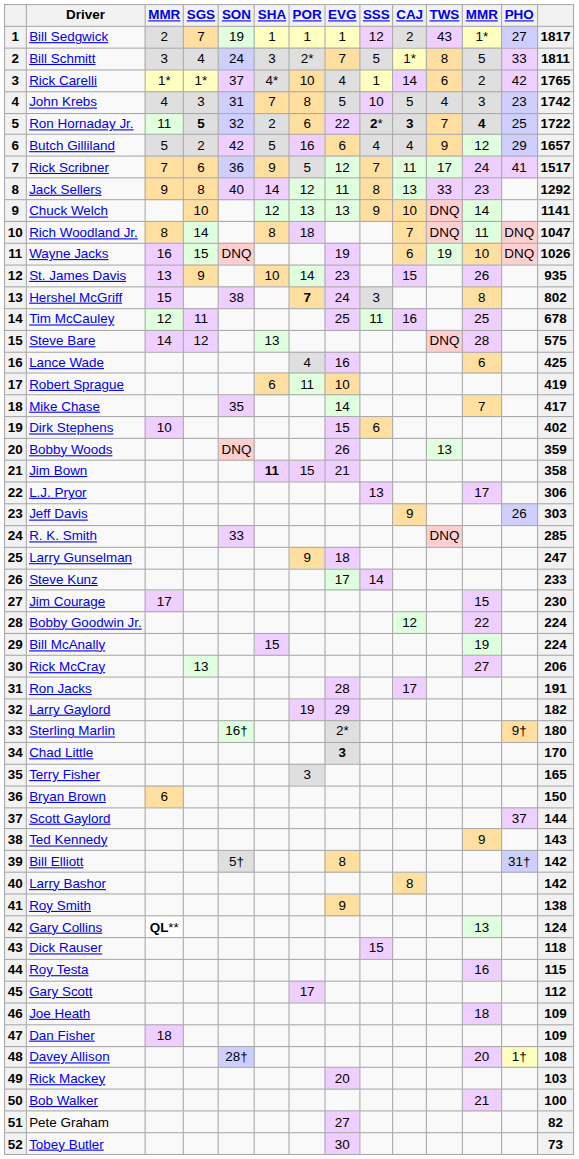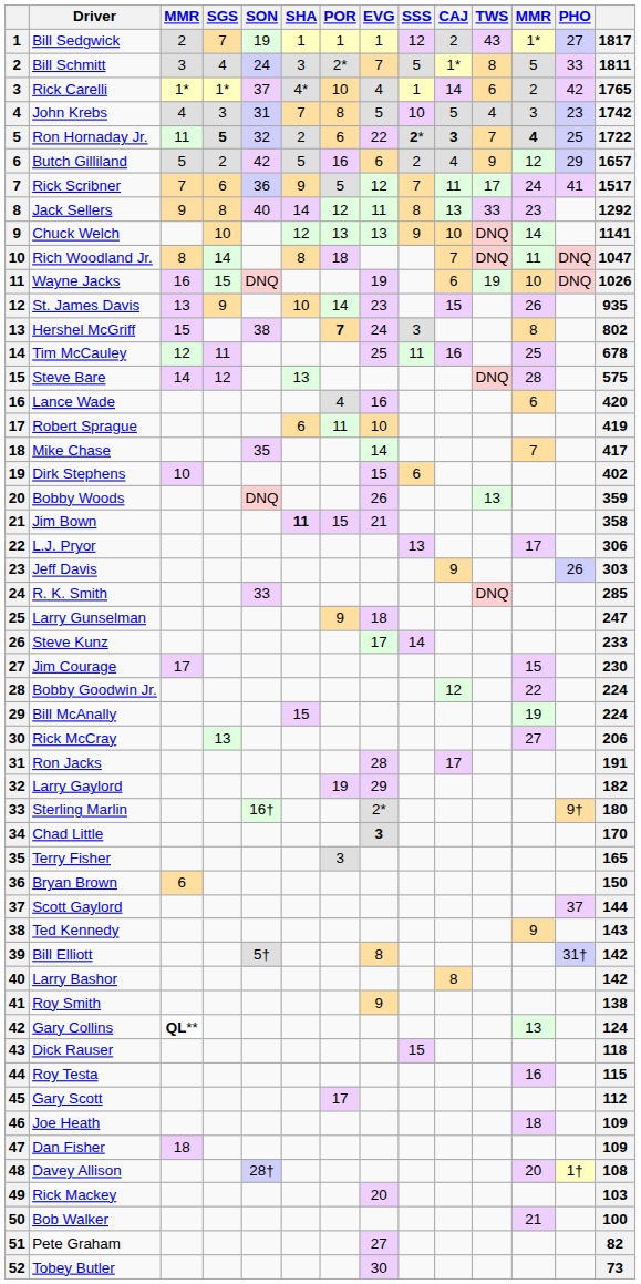 <table class="wikitable" style="font-size:77%; text-align:center">
 <tr valign="top">
 <th></th>
 <th>Driver</th>
 <th><a href='#'>MMR</a></th>
 <th><a href='#'>SGS</a></th>
 <th><a href='#'>SON</a></th>
 <th><a href='#'>SHA</a></th>
 <th><a href='#'>POR</a></th>
 <th><a href='#'>EVG</a></th>
 <th><a href='#'>SSS</a></th>
 <th><a href='#'>CAJ</a></th>
 <th><a href='#'>TWS</a></th>
 <th><a href='#'>MMR</a></th>
 <th><a href='#'>PHO</a></th>
 <th></th>
 </tr>
 <tr>
 <th>1</th>
 <td align="left"><a href='#'>Bill Sedgwick</a></td>
 <td style="background-color:#DFDFDF";>2</td>
 <td style="background-color:#FFDF9F";>7</td>
 <td style="background-color:#DFFFDF";>19</td>
 <td style="background-color:#FFFFBF";>1</td>
 <td style="background-color:#FFFFBF";>1</td>
 <td style="background-color:#FFFFBF";>1</td>
 <td style="background-color:#EFCFFF";>12</td>
 <td style="background-color:#DFDFDF";>2</td>
 <td style="background-color:#EFCFFF";>43</td>
 <td style="background-color:#FFFFBF";>1*</td>
 <td style="background-color:#CFCFFF";>27</td>
 <th>1817</th>
 </tr>
 <tr>
 <th>2</th>
 <td align="left"><a href='#'>Bill Schmitt</a></td>
 <td style="background-color:#DFDFDF";>3</td>
 <td style="background-color:#DFDFDF";>4</td>
 <td style="background-color:#CFCFFF";>24</td>
 <td style="background-color:#DFDFDF";>3</td>
 <td style="background-color:#DFDFDF";>2*</td>
 <td style="background-color:#FFDF9F";>7</td>
 <td style="background-color:#DFDFDF";>5</td>
 <td style="background-color:#FFFFBF";>1*</td>
 <td style="background-color:#FFDF9F";>8</td>
 <td style="background-color:#DFDFDF";>5</td>
 <td style="background-color:#EFCFFF";>33</td>
 <th>1811</th>
 </tr>
 <tr>
 <th>3</th>
 <td align="left"><a href='#'>Rick Carelli</a></td>
 <td style="background-color:#FFFFBF";>1*</td>
 <td style="background-color:#FFFFBF";>1*</td>
 <td style="background-color:#EFCFFF";>37</td>
 <td style="background-color:#DFDFDF";>4*</td>
 <td style="background-color:#FFDF9F";>10</td>
 <td style="background-color:#DFDFDF";>4</td>
 <td style="background-color:#FFFFBF";>1</td>
 <td style="background-color:#EFCFFF";>14</td>
 <td style="background-color:#FFDF9F";>6</td>
 <td style="background-color:#DFDFDF";>2</td>
 <td style="background-color:#EFCFFF";>42</td>
 <th>1765</th>
 </tr>
 <tr>
 <th>4</th>
 <td align="left"><a href='#'>John Krebs</a></td>
 <td style="background-color:#DFDFDF";>4</td>
 <td style="background-color:#DFDFDF";>3</td>
 <td style="background-color:#CFCFFF";>31</td>
 <td style="background-color:#FFDF9F";>7</td>
 <td style="background-color:#FFDF9F";>8</td>
 <td style="background-color:#DFDFDF";>5</td>
 <td style="background-color:#EFCFFF";>10</td>
 <td style="background-color:#DFDFDF";>5</td>
 <td style="background-color:#DFDFDF";>4</td>
 <td style="background-color:#DFDFDF";>3</td>
 <td style="background-color:#CFCFFF";>23</td>
 <th>1742</th>
 </tr>
 <tr>
 <th>5</th>
 <td align="left"><a href='#'>Ron Hornaday Jr.</a></td>
 <td style="background-color:#DFFFDF";>11</td>
 <td style="background-color:#DFDFDF";><strong>5</strong></td>
 <td style="background-color:#CFCFFF";>32</td>
 <td style="background-color:#DFDFDF";>2</td>
 <td style="background-color:#FFDF9F";>6</td>
 <td style="background-color:#EFCFFF";>22</td>
 <td style="background-color:#DFDFDF";><strong>2</strong>*</td>
 <td style="background-color:#DFDFDF";><strong>3</strong></td>
 <td style="background-color:#FFDF9F";>7</td>
 <td style="background-color:#DFDFDF";><strong>4</strong></td>
 <td style="background-color:#CFCFFF";>25</td>
 <th>1722</th>
 </tr>
 <tr>
 <th>6</th>
 <td align="left"><a href='#'>Butch Gilliland</a></td>
 <td style="background-color:#DFDFDF";>5</td>
 <td style="background-color:#DFDFDF";>2</td>
 <td style="background-color:#EFCFFF";>42</td>
 <td style="background-color:#DFDFDF";>5</td>
 <td style="background-color:#EFCFFF";>16</td>
 <td style="background-color:#FFDF9F";>6</td>
-<td style="background-color:#DFDFDF";>4</td>
+<td style="background-color:#DFDFDF";>2</td>
 <td style="background-color:#DFDFDF";>4</td>
 <td style="background-color:#FFDF9F";>9</td>
 <td style="background-color:#DFFFDF";>12</td>
 <td style="background-color:#CFCFFF";>29</td>
 <th>1657</th>
 </tr>
 <tr>
 <th>7</th>
 <td align="left"><a href='#'>Rick Scribner</a></td>
 <td style="background-color:#FFDF9F";>7</td>
 <td style="background-color:#FFDF9F";>6</td>
 <td style="background-color:#CFCFFF";>36</td>
 <td style="background-color:#FFDF9F";>9</td>
 <td style="background-color:#DFDFDF";>5</td>
 <td style="background-color:#DFFFDF";>12</td>
 <td style="background-color:#FFDF9F";>7</td>
 <td style="background-color:#DFFFDF";>11</td>
 <td style="background-color:#DFFFDF";>17</td>
 <td style="background-color:#EFCFFF";>24</td>
 <td style="background-color:#EFCFFF";>41</td>
 <th>1517</th>
 </tr>
 <tr>
 <th>8</th>
 <td align="left"><a href='#'>Jack Sellers</a></td>
 <td style="background-color:#FFDF9F";>9</td>
 <td style="background-color:#FFDF9F";>8</td>
 <td style="background-color:#EFCFFF";>40</td>
 <td style="background-color:#EFCFFF";>14</td>
 <td style="background-color:#DFFFDF";>12</td>
 <td style="background-color:#DFFFDF";>11</td>
 <td style="background-color:#FFDF9F";>8</td>
 <td style="background-color:#DFFFDF";>13</td>
 <td style="background-color:#EFCFFF";>33</td>
 <td style="background-color:#EFCFFF";>23</td>
 <td></td>
 <th>1292</th>
 </tr>
 <tr>
 <th>9</th>
 <td align="left"><a href='#'>Chuck Welch</a></td>
 <td></td>
 <td style="background-color:#FFDF9F";>10</td>
 <td></td>
 <td style="background-color:#DFFFDF";>12</td>
 <td style="background-color:#DFFFDF";>13</td>
 <td style="background-color:#DFFFDF";>13</td>
 <td style="background-color:#FFDF9F";>9</td>
 <td style="background-color:#FFDF9F";>10</td>
 <td style="background-color:#FFCFCF";>DNQ</td>
 <td style="background-color:#DFFFDF";>14</td>
 <td></td>
 <th>1141</th>
 </tr>
 <tr>
 <th>10</th>
 <td align="left"><a href='#'>Rich Woodland Jr.</a></td>
 <td style="background-color:#FFDF9F";>8</td>
 <td style="background-color:#DFFFDF";>14</td>
 <td></td>
 <td style="background-color:#FFDF9F";>8</td>
 <td style="background-color:#EFCFFF";>18</td>
 <td></td>
 <td></td>
 <td style="background-color:#FFDF9F";>7</td>
 <td style="background-color:#FFCFCF";>DNQ</td>
 <td style="background-color:#DFFFDF";>11</td>
 <td style="background-color:#FFCFCF";>DNQ</td>
 <th>1047</th>
 </tr>
 <tr>
 <th>11</th>
 <td align="left"><a href='#'>Wayne Jacks</a></td>
 <td style="background-color:#EFCFFF";>16</td>
 <td style="background-color:#DFFFDF";>15</td>
 <td style="background-color:#FFCFCF";>DNQ</td>
 <td></td>
 <td></td>
 <td style="background-color:#EFCFFF";>19</td>
 <td></td>
 <td style="background-color:#FFDF9F";>6</td>
 <td style="background-color:#DFFFDF";>19</td>
 <td style="background-color:#FFDF9F";>10</td>
 <td style="background-color:#FFCFCF";>DNQ</td>
 <th>1026</th>
 </tr>
 <tr>
 <th>12</th>
 <td align="left"><a href='#'>St. James Davis</a></td>
 <td style="background-color:#EFCFFF";>13</td>
 <td style="background-color:#FFDF9F";>9</td>
 <td></td>
 <td style="background-color:#FFDF9F";>10</td>
 <td style="background-color:#DFFFDF";>14</td>
 <td style="background-color:#EFCFFF";>23</td>
 <td></td>
 <td style="background-color:#EFCFFF";>15</td>
 <td></td>
 <td style="background-color:#EFCFFF";>26</td>
 <td></td>
 <th>935</th>
 </tr>
 <tr>
 <th>13</th>
 <td align="left"><a href='#'>Hershel McGriff</a></td>
 <td style="background-color:#EFCFFF";>15</td>
 <td></td>
 <td style="background-color:#EFCFFF";>38</td>
 <td></td>
 <td style="background-color:#FFDF9F";><strong>7</strong></td>
 <td style="background-color:#EFCFFF";>24</td>
 <td style="background-color:#DFDFDF";>3</td>
 <td></td>
 <td></td>
 <td style="background-color:#FFDF9F";>8</td>
 <td></td>
 <th>802</th>
 </tr>
 <tr>
 <th>14</th>
 <td align="left"><a href='#'>Tim McCauley</a></td>
 <td style="background-color:#DFFFDF";>12</td>
 <td style="background-color:#EFCFFF";>11</td>
 <td></td>
 <td></td>
 <td></td>
 <td style="background-color:#EFCFFF";>25</td>
 <td style="background-color:#DFFFDF";>11</td>
 <td style="background-color:#EFCFFF";>16</td>
 <td></td>
 <td style="background-color:#EFCFFF";>25</td>
 <td></td>
 <th>678</th>
 </tr>
 <tr>
 <th>15</th>
 <td align="left"><a href='#'>Steve Bare</a></td>
 <td style="background-color:#EFCFFF";>14</td>
 <td style="background-color:#EFCFFF";>12</td>
 <td></td>
 <td style="background-color:#DFFFDF";>13</td>
 <td></td>
 <td></td>
 <td></td>
 <td></td>
 <td style="background-color:#FFCFCF";>DNQ</td>
 <td style="background-color:#EFCFFF";>28</td>
 <td></td>
 <th>575</th>
 </tr>
 <tr>
 <th>16</th>
 <td align="left"><a href='#'>Lance Wade</a></td>
 <td></td>
 <td></td>
 <td></td>
 <td></td>
 <td style="background-color:#DFDFDF";>4</td>
 <td style="background-color:#EFCFFF";>16</td>
 <td></td>
 <td></td>
 <td></td>
 <td style="background-color:#FFDF9F";>6</td>
 <td></td>
-<th>425</th>
+<th>420</th>
 </tr>
 <tr>
 <th>17</th>
 <td align="left"><a href='#'>Robert Sprague</a></td>
 <td></td>
 <td></td>
 <td></td>
 <td style="background-color:#FFDF9F";>6</td>
 <td style="background-color:#DFFFDF";>11</td>
 <td style="background-color:#FFDF9F";>10</td>
 <td></td>
 <td></td>
 <td></td>
 <td></td>
 <td></td>
 <th>419</th>
 </tr>
 <tr>
 <th>18</th>
 <td align="left"><a href='#'>Mike Chase</a></td>
 <td></td>
 <td></td>
 <td style="background-color:#EFCFFF";>35</td>
 <td></td>
 <td></td>
 <td style="background-color:#DFFFDF";>14</td>
 <td></td>
 <td></td>
 <td></td>
 <td style="background-color:#FFDF9F";>7</td>
 <td></td>
 <th>417</th>
 </tr>
 <tr>
 <th>19</th>
 <td align="left"><a href='#'>Dirk Stephens</a></td>
 <td style="background-color:#EFCFFF";>10</td>
 <td></td>
 <td></td>
 <td></td>
 <td></td>
 <td style="background-color:#EFCFFF";>15</td>
 <td style="background-color:#FFDF9F";>6</td>
 <td></td>
 <td></td>
 <td></td>
 <td></td>
 <th>402</th>
 </tr>
 <tr>
 <th>20</th>
 <td align="left"><a href='#'>Bobby Woods</a></td>
 <td></td>
 <td></td>
 <td style="background-color:#FFCFCF";>DNQ</td>
 <td></td>
 <td></td>
 <td style="background-color:#EFCFFF";>26</td>
 <td></td>
 <td></td>
 <td style="background-color:#DFFFDF";>13</td>
 <td></td>
 <td></td>
 <th>359</th>
 </tr>
 <tr>
 <th>21</th>
 <td align="left"><a href='#'>Jim Bown</a></td>
 <td></td>
 <td></td>
 <td></td>
 <td style="background-color:#EFCFFF";><strong>11</strong></td>
 <td style="background-color:#EFCFFF";>15</td>
 <td style="background-color:#EFCFFF";>21</td>
 <td></td>
 <td></td>
 <td></td>
 <td></td>
 <td></td>
 <th>358</th>
 </tr>
 <tr>
 <th>22</th>
 <td align="left"><a href='#'>L.J. Pryor</a></td>
 <td></td>
 <td></td>
 <td></td>
 <td></td>
 <td></td>
 <td></td>
 <td style="background-color:#EFCFFF";>13</td>
 <td></td>
 <td></td>
 <td style="background-color:#EFCFFF";>17</td>
 <td></td>
 <th>306</th>
 </tr>
 <tr>
 <th>23</th>
 <td align="left"><a href='#'>Jeff Davis</a></td>
 <td></td>
 <td></td>
 <td></td>
 <td></td>
 <td></td>
 <td></td>
 <td></td>
 <td style="background-color:#FFDF9F";>9</td>
 <td></td>
 <td></td>
 <td style="background-color:#CFCFFF";>26</td>
 <th>303</th>
 </tr>
 <tr>
 <th>24</th>
 <td align="left"><a href='#'>R. K. Smith</a></td>
 <td></td>
 <td></td>
 <td style="background-color:#EFCFFF";>33</td>
 <td></td>
 <td></td>
 <td></td>
 <td></td>
 <td></td>
 <td style="background-color:#FFCFCF";>DNQ</td>
 <td></td>
 <td></td>
 <th>285</th>
 </tr>
 <tr>
 <th>25</th>
 <td align="left"><a href='#'>Larry Gunselman</a></td>
 <td></td>
 <td></td>
 <td></td>
 <td></td>
 <td style="background-color:#FFDF9F";>9</td>
 <td style="background-color:#EFCFFF";>18</td>
 <td></td>
 <td></td>
 <td></td>
 <td></td>
 <td></td>
 <th>247</th>
 </tr>
 <tr>
 <th>26</th>
 <td align="left"><a href='#'>Steve Kunz</a></td>
 <td></td>
 <td></td>
 <td></td>
 <td></td>
 <td></td>
 <td style="background-color:#DFFFDF";>17</td>
 <td style="background-color:#EFCFFF";>14</td>
 <td></td>
 <td></td>
 <td></td>
 <td></td>
 <th>233</th>
 </tr>
 <tr>
 <th>27</th>
 <td align="left"><a href='#'>Jim Courage</a></td>
 <td style="background-color:#EFCFFF";>17</td>
 <td></td>
 <td></td>
 <td></td>
 <td></td>
 <td></td>
 <td></td>
 <td></td>
 <td></td>
 <td style="background-color:#EFCFFF";>15</td>
 <td></td>
 <th>230</th>
 </tr>
 <tr>
 <th>28</th>
 <td align="left"><a href='#'>Bobby Goodwin Jr.</a></td>
 <td></td>
 <td></td>
 <td></td>
 <td></td>
 <td></td>
 <td></td>
 <td></td>
 <td style="background-color:#DFFFDF";>12</td>
 <td></td>
 <td style="background-color:#EFCFFF";>22</td>
 <td></td>
 <th>224</th>
 </tr>
 <tr>
 <th>29</th>
 <td align="left"><a href='#'>Bill McAnally</a></td>
 <td></td>
 <td></td>
 <td></td>
 <td style="background-color:#EFCFFF";>15</td>
 <td></td>
 <td></td>
 <td></td>
 <td></td>
 <td></td>
 <td style="background-color:#DFFFDF";>19</td>
 <td></td>
 <th>224</th>
 </tr>
 <tr>
 <th>30</th>
 <td align="left"><a href='#'>Rick McCray</a></td>
 <td></td>
 <td style="background-color:#DFFFDF";>13</td>
 <td></td>
 <td></td>
 <td></td>
 <td></td>
 <td></td>
 <td></td>
 <td></td>
 <td style="background-color:#EFCFFF";>27</td>
 <td></td>
 <th>206</th>
 </tr>
 <tr>
 <th>31</th>
 <td align="left"><a href='#'>Ron Jacks</a></td>
 <td></td>
 <td></td>
 <td></td>
 <td></td>
 <td></td>
 <td style="background-color:#EFCFFF";>28</td>
 <td></td>
 <td style="background-color:#EFCFFF";>17</td>
 <td></td>
 <td></td>
 <td></td>
 <th>191</th>
 </tr>
 <tr>
 <th>32</th>
 <td align="left"><a href='#'>Larry Gaylord</a></td>
 <td></td>
 <td></td>
 <td></td>
 <td></td>
 <td style="background-color:#EFCFFF";>19</td>
 <td style="background-color:#EFCFFF";>29</td>
 <td></td>
 <td></td>
 <td></td>
 <td></td>
 <td></td>
 <th>182</th>
 </tr>
 <tr>
 <th>33</th>
 <td align="left"><a href='#'>Sterling Marlin</a></td>
 <td></td>
 <td></td>
 <td style="background-color:#DFFFDF";>16†</td>
 <td></td>
 <td></td>
 <td style="background-color:#DFDFDF";>2*</td>
 <td></td>
 <td></td>
 <td></td>
 <td></td>
 <td style="background-color:#FFDF9F";>9†</td>
 <th>180</th>
 </tr>
 <tr>
 <th>34</th>
 <td align="left"><a href='#'>Chad Little</a></td>
 <td></td>
 <td></td>
 <td></td>
 <td></td>
 <td></td>
 <td style="background-color:#DFDFDF";><strong>3</strong></td>
 <td></td>
 <td></td>
 <td></td>
 <td></td>
 <td></td>
 <th>170</th>
 </tr>
 <tr>
 <th>35</th>
 <td align="left"><a href='#'>Terry Fisher</a></td>
 <td></td>
 <td></td>
 <td></td>
 <td></td>
 <td style="background-color:#DFDFDF";>3</td>
 <td></td>
 <td></td>
 <td></td>
 <td></td>
 <td></td>
 <td></td>
 <th>165</th>
 </tr>
 <tr>
 <th>36</th>
 <td align="left"><a href='#'>Bryan Brown</a></td>
 <td style="background-color:#FFDF9F";>6</td>
 <td></td>
 <td></td>
 <td></td>
 <td></td>
 <td></td>
 <td></td>
 <td></td>
 <td></td>
 <td></td>
 <td></td>
 <th>150</th>
 </tr>
 <tr>
 <th>37</th>
 <td align="left"><a href='#'>Scott Gaylord</a></td>
 <td></td>
 <td></td>
 <td></td>
 <td></td>
 <td></td>
 <td></td>
 <td></td>
 <td></td>
 <td></td>
 <td></td>
 <td style="background-color:#EFCFFF";>37</td>
 <th>144</th>
 </tr>
 <tr>
 <th>38</th>
 <td align="left"><a href='#'>Ted Kennedy</a></td>
 <td></td>
 <td></td>
 <td></td>
 <td></td>
 <td></td>
 <td></td>
 <td></td>
 <td></td>
 <td></td>
 <td style="background-color:#FFDF9F";>9</td>
 <td></td>
 <th>143</th>
 </tr>
 <tr>
 <th>39</th>
 <td align="left"><a href='#'>Bill Elliott</a></td>
 <td></td>
 <td></td>
 <td style="background-color:#DFDFDF";>5†</td>
 <td></td>
 <td></td>
 <td style="background-color:#FFDF9F";>8</td>
 <td></td>
 <td></td>
 <td></td>
 <td></td>
 <td style="background-color:#CFCFFF";>31†</td>
 <th>142</th>
 </tr>
 <tr>
 <th>40</th>
 <td align="left"><a href='#'>Larry Bashor</a></td>
 <td></td>
 <td></td>
 <td></td>
 <td></td>
 <td></td>
 <td></td>
 <td></td>
 <td style="background-color:#FFDF9F";>8</td>
 <td></td>
 <td></td>
 <td></td>
 <th>142</th>
 </tr>
 <tr>
 <th>41</th>
 <td align="left"><a href='#'>Roy Smith</a></td>
 <td></td>
 <td></td>
 <td></td>
 <td></td>
 <td></td>
 <td style="background-color:#FFDF9F";>9</td>
 <td></td>
 <td></td>
 <td></td>
 <td></td>
 <td></td>
 <th>138</th>
 </tr>
 <tr>
 <th>42</th>
 <td align="left"><a href='#'>Gary Collins</a></td>
 <td style="background-color:#ffffff;"><strong>QL</strong>**</td>
 <td></td>
 <td></td>
 <td></td>
 <td></td>
 <td></td>
 <td></td>
 <td></td>
 <td></td>
 <td style="background-color:#DFFFDF";>13</td>
 <td></td>
 <th>124</th>
 </tr>
 <tr>
 <th>43</th>
 <td align="left"><a href='#'>Dick Rauser</a></td>
 <td></td>
 <td></td>
 <td></td>
 <td></td>
 <td></td>
 <td></td>
 <td style="background-color:#EFCFFF";>15</td>
 <td></td>
 <td></td>
 <td></td>
 <td></td>
 <th>118</th>
 </tr>
 <tr>
 <th>44</th>
 <td align="left"><a href='#'>Roy Testa</a></td>
 <td></td>
 <td></td>
 <td></td>
 <td></td>
 <td></td>
 <td></td>
 <td></td>
 <td></td>
 <td></td>
 <td style="background-color:#EFCFFF";>16</td>
 <td></td>
 <th>115</th>
 </tr>
 <tr>
 <th>45</th>
 <td align="left"><a href='#'>Gary Scott</a></td>
 <td></td>
 <td></td>
 <td></td>
 <td></td>
 <td style="background-color:#EFCFFF";>17</td>
 <td></td>
 <td></td>
 <td></td>
 <td></td>
 <td></td>
 <td></td>
 <th>112</th>
 </tr>
 <tr>
 <th>46</th>
 <td align="left"><a href='#'>Joe Heath</a></td>
 <td></td>
 <td></td>
 <td></td>
 <td></td>
 <td></td>
 <td></td>
 <td></td>
 <td></td>
 <td></td>
 <td style="background-color:#EFCFFF";>18</td>
 <td></td>
 <th>109</th>
 </tr>
 <tr>
 <th>47</th>
 <td align="left"><a href='#'>Dan Fisher</a></td>
 <td style="background-color:#EFCFFF";>18</td>
 <td></td>
 <td></td>
 <td></td>
 <td></td>
 <td></td>
 <td></td>
 <td></td>
 <td></td>
 <td></td>
 <td></td>
 <th>109</th>
 </tr>
 <tr>
 <th>48</th>
 <td align="left"><a href='#'>Davey Allison</a></td>
 <td></td>
 <td></td>
 <td style="background-color:#CFCFFF";>28†</td>
 <td></td>
 <td></td>
 <td></td>
 <td></td>
 <td></td>
 <td></td>
 <td style="background-color:#EFCFFF";>20</td>
 <td style="background-color:#FFFFBF";>1†</td>
 <th>108</th>
 </tr>
 <tr>
 <th>49</th>
 <td align="left"><a href='#'>Rick Mackey</a></td>
 <td></td>
 <td></td>
 <td></td>
 <td></td>
 <td></td>
 <td style="background-color:#EFCFFF";>20</td>
 <td></td>
 <td></td>
 <td></td>
 <td></td>
 <td></td>
 <th>103</th>
 </tr>
 <tr>
 <th>50</th>
 <td align="left"><a href='#'>Bob Walker</a></td>
 <td></td>
 <td></td>
 <td></td>
 <td></td>
 <td></td>
 <td></td>
 <td></td>
 <td></td>
 <td></td>
 <td style="background-color:#EFCFFF";>21</td>
 <td></td>
 <th>100</th>
 </tr>
 <tr>
 <th>51</th>
 <td align="left">Pete Graham</td>
 <td></td>
 <td></td>
 <td></td>
 <td></td>
 <td></td>
 <td style="background-color:#EFCFFF";>27</td>
 <td></td>
 <td></td>
 <td></td>
 <td></td>
 <td></td>
 <th>82</th>
 </tr>
 <tr>
 <th>52</th>
 <td align="left"><a href='#'>Tobey Butler</a></td>
 <td></td>
 <td></td>
 <td></td>
 <td></td>
 <td></td>
 <td style="background-color:#EFCFFF";>30</td>
 <td></td>
 <td></td>
 <td></td>
 <td></td>
 <td></td>
 <th>73</th>
 </tr>
 </table>
